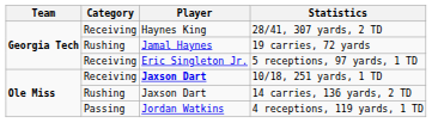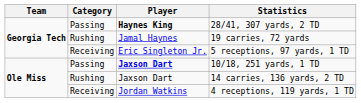 <table class="wikitable" style="float: right;">
 <tr>
 <th>Team</th>
 <th>Category</th>
 <th>Player</th>
 <th>Statistics</th>
 </tr>
 <tr>
 <td rowspan=3><strong>Georgia Tech</strong></td>
-<td>Receiving</td>
-<td>Haynes King</td>
+<td>Passing</td>
+<td><strong>Haynes King</strong></td>
 <td>28/41, 307 yards, 2 TD</td>
 </tr>
 <tr>
 <td>Rushing</td>
 <td><a href='#'>Jamal Haynes</a></td>
 <td>19 carries, 72 yards</td>
 </tr>
 <tr>
 <td>Receiving</td>
 <td><a href='#'>Eric Singleton Jr.</a></td>
 <td>5 receptions, 97 yards, 1 TD</td>
 </tr>
 <tr>
 <td rowspan=3><strong>Ole Miss</strong></td>
-<td>Receiving</td>
+<td>Passing</td>
 <td><strong><a href='#'>Jaxson Dart</a></strong></td>
 <td>10/18, 251 yards, 1 TD</td>
 </tr>
 <tr>
 <td>Rushing</td>
 <td>Jaxson Dart</td>
 <td>14 carries, 136 yards, 2 TD</td>
 </tr>
 <tr>
-<td>Passing</td>
+<td>Receiving</td>
 <td><a href='#'>Jordan Watkins</a></td>
 <td>4 receptions, 119 yards, 1 TD</td>
 </tr>
 </table>
